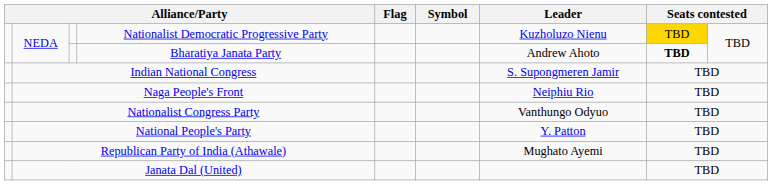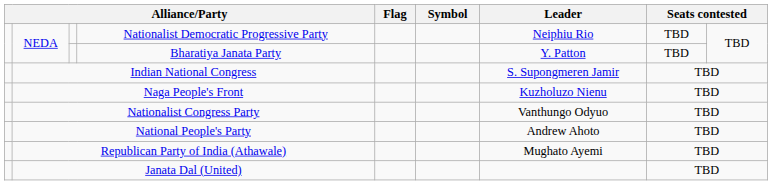 <table class="wikitable sortable" width="50%" style="text-align:center;">
 <tr>
 <th colspan=4>Alliance/Party</th>
 <th>Flag</th>
 <th>Symbol</th>
 <th>Leader</th>
 <th colspan=4>Seats contested</th>
 </tr>
 <tr>
 <td rowspan=2 style="text-align:center; background:"></td>
 <td rowspan=2><a href='#'>NEDA</a></td>
 <td style="text-align:center; background:"></td>
 <td><a href='#'>Nationalist Democratic Progressive Party</a></td>
 <td></td>
 <td></td>
-<td><a href='#'>Kuzholuzo Nienu</a></td>
-<td style="background: gold;">TBD</td>
+<td><a href='#'>Neiphiu Rio</a></td>
+<td>TBD</td>
 <td rowspan=2>TBD</td>
 </tr>
 <tr>
 <td style="text-align:center; background:"></td>
 <td><a href='#'>Bharatiya Janata Party</a></td>
 <td></td>
 <td></td>
-<td>Andrew Ahoto</td>
-<td><strong>TBD</strong></td>
+<td><a href='#'>Y. Patton</a></td>
+<td>TBD</td>
 </tr>
 <tr>
 <td style="text-align:center; background:"></td>
 <td colspan=3><a href='#'>Indian National Congress</a></td>
 <td></td>
 <td></td>
 <td><a href='#'>S. Supongmeren Jamir</a></td>
 <td colspan=3>TBD</td>
 </tr>
 <tr>
 <td style="text-align:center; background:"></td>
 <td colspan=3><a href='#'>Naga People's Front</a></td>
 <td></td>
 <td></td>
-<td><a href='#'>Neiphiu Rio</a></td>
+<td><a href='#'>Kuzholuzo Nienu</a></td>
 <td colspan=3>TBD</td>
 </tr>
 <tr>
 <td></td>
 <td colspan=3><a href='#'>Nationalist Congress Party</a></td>
 <td></td>
 <td></td>
 <td>Vanthungo Odyuo</td>
 <td colspan=3>TBD</td>
 </tr>
 <tr>
 <td></td>
 <td colspan=3><a href='#'>National People's Party</a></td>
 <td></td>
 <td></td>
-<td><a href='#'>Y. Patton</a></td>
+<td>Andrew Ahoto</td>
 <td colspan=3>TBD</td>
 </tr>
 <tr>
 <td style="text-align:center; background:"></td>
 <td colspan=3><a href='#'>Republican Party of India (Athawale)</a></td>
 <td></td>
 <td></td>
 <td>Mughato Ayemi</td>
 <td colspan=3>TBD</td>
 </tr>
 <tr>
 <td style="text-align:center; background:"></td>
 <td colspan=3><a href='#'>Janata Dal (United)</a></td>
 <td></td>
 <td></td>
 <td></td>
 <td colspan=3>TBD</td>
 </tr>
 </table>
